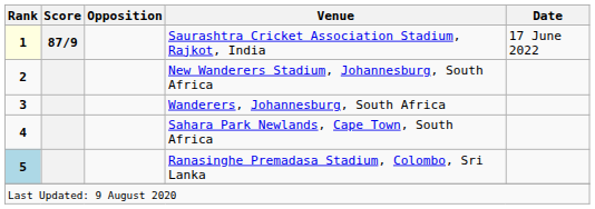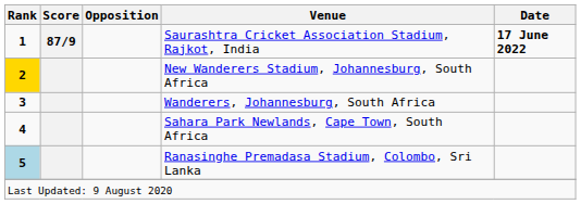 <table class="wikitable sortable">
 <tr>
 <th scope=col>Rank</th>
 <th scope=col>Score</th>
 <th scope=col>Opposition</th>
 <th scope=col>Venue</th>
 <th scope=col>Date</th>
 </tr>
 <tr>
-<td align=center style="background: lightyellow;"><strong>1</strong></td>
+<td align=center><strong>1</strong></td>
 <th scope=row style=text-align:center;>87/9</th>
 <td></td>
 <td><a href='#'>Saurashtra Cricket Association Stadium</a>, <a href='#'>Rajkot</a>, India</td>
-<td>17 June 2022</td>
+<td><strong>17 June 2022</strong></td>
 </tr>
 <tr>
-<td align=center><strong>2</strong></td>
+<td align=center style="background: gold;"><strong>2</strong></td>
 <th scope=row style=text-align:center;></th>
 <td></td>
 <td><a href='#'>New Wanderers Stadium</a>, <a href='#'>Johannesburg</a>, South Africa</td>
 <td></td>
 </tr>
 <tr>
 <td align=center><strong>3</strong></td>
 <th scope=row style=text-align:center;></th>
 <td></td>
 <td><a href='#'>Wanderers</a>, <a href='#'>Johannesburg</a>, South Africa</td>
 <td></td>
 </tr>
 <tr>
 <td align=center><strong>4</strong></td>
 <th scope=row style=text-align:center;></th>
 <td></td>
 <td><a href='#'>Sahara Park Newlands</a>, <a href='#'>Cape Town</a>, South Africa</td>
 <td></td>
 </tr>
 <tr>
 <td align=center style="background: lightblue;"><strong>5</strong></td>
 <th scope=row style=text-align:center;></th>
 <td></td>
 <td><a href='#'>Ranasinghe Premadasa Stadium</a>, <a href='#'>Colombo</a>, Sri Lanka</td>
 <td></td>
 </tr>
 <tr>
 </tr>
 <tr class=sortbottom>
 <td colspan=5><small>Last Updated: 9 August 2020</small></td>
 </tr>
 </table>
